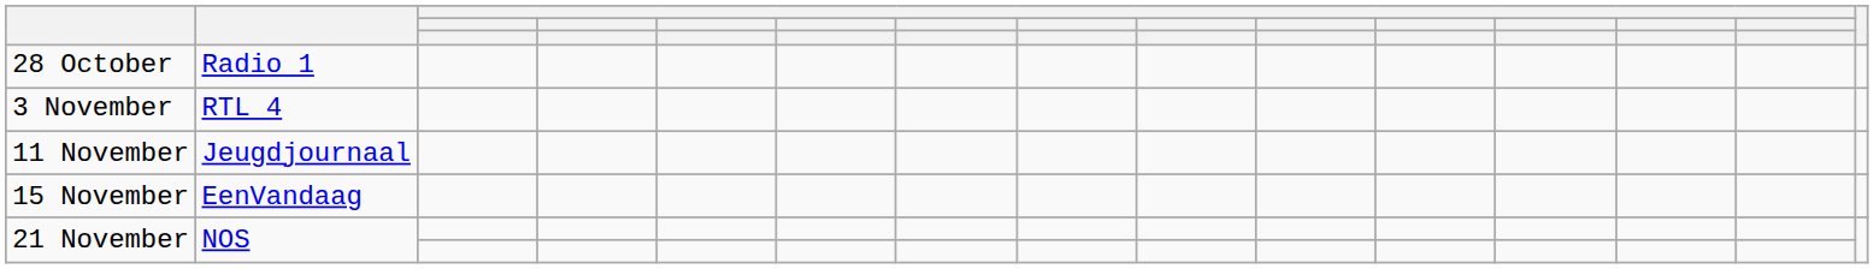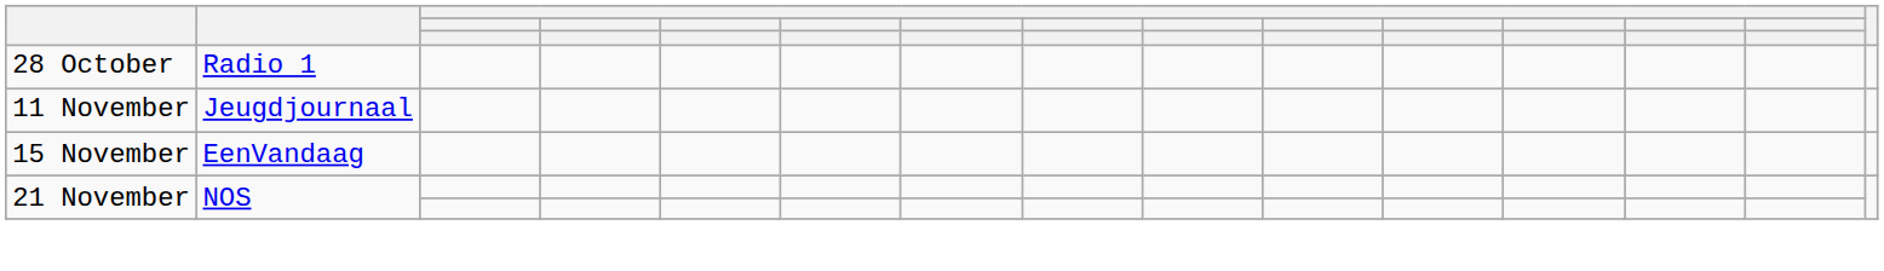 <table class="wikitable">
 <tr>
 <th style="white-space:nowrap;" rowspan="3"></th>
 <th rowspan="3"></th>
 <th colspan="12" scope="col">      </th>
 <th rowspan="3"></th>
 </tr>
 <tr>
 <th scope="col" style="width:4em;"></th>
 <th scope="col" style="width:4em;"></th>
 <th scope="col" style="width:4em;"></th>
 <th scope="col" style="width:4em;"></th>
 <th scope="col" style="width:4em;"></th>
 <th scope="col" style="width:4em;"></th>
 <th scope="col" style="width:4em;"></th>
 <th scope="col" style="width:4em;"></th>
 <th scope="col" style="width:4em;"></th>
 <th scope="col" style="width:4em;"></th>
 <th scope="col" style="width:4em;"></th>
 <th scope="col" style="width:4em;"></th>
 </tr>
 <tr>
 <th style="background:"></th>
 <th style="background:"></th>
 <th style="background:"></th>
 <th style="background:"></th>
 <th style="background:"></th>
 <th style="background:"></th>
 <th style="background:"></th>
 <th style="background:"></th>
 <th style="background:"></th>
 <th style="background:"></th>
 <th style="background:"></th>
 <th style="background:"></th>
 </tr>
 <tr>
 <td style="white-space:nowrap;">28 October</td>
 <td style="white-space:nowrap;"><a href='#'>Radio 1</a></td>
-<td></td>
-<td></td>
-<td></td>
-<td></td>
-<td></td>
-<td></td>
-<td></td>
-<td></td>
-<td></td>
-<td></td>
-<td></td>
-<td></td>
-<td></td>
-</tr>
-<tr>
-<td>3 November</td>
-<td><a href='#'>RTL 4</a></td>
 <td></td>
 <td></td>
 <td></td>
 <td></td>
 <td></td>
 <td></td>
 <td></td>
 <td></td>
 <td></td>
 <td></td>
 <td></td>
 <td></td>
 <td></td>
 </tr>
 <tr>
 <td>11 November</td>
 <td><a href='#'>Jeugdjournaal</a></td>
 <td></td>
 <td></td>
 <td></td>
 <td></td>
 <td></td>
 <td></td>
 <td></td>
 <td></td>
 <td></td>
 <td></td>
 <td></td>
 <td></td>
 <td></td>
 </tr>
 <tr>
 <td>15 November</td>
 <td><a href='#'>EenVandaag</a></td>
 <td></td>
 <td></td>
 <td></td>
 <td></td>
 <td></td>
 <td></td>
 <td></td>
 <td></td>
 <td></td>
 <td></td>
 <td></td>
 <td></td>
 <td></td>
 </tr>
 <tr>
 <td rowspan="2">21 November</td>
 <td rowspan="2"><a href='#'>NOS</a></td>
 <td></td>
 <td></td>
 <td></td>
 <td></td>
 <td></td>
 <td></td>
 <td></td>
 <td></td>
 <td></td>
 <td></td>
 <td></td>
 <td></td>
 <td rowspan="2"></td>
 </tr>
 <tr>
 <td></td>
 <td></td>
 <td></td>
 <td></td>
 <td></td>
 <td></td>
 <td></td>
 <td></td>
 <td></td>
 <td></td>
 <td></td>
 <td></td>
 </tr>
 </table>
